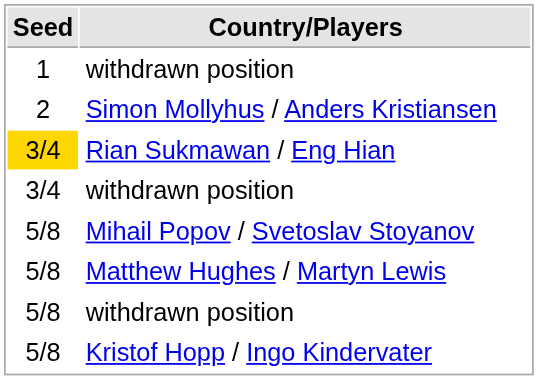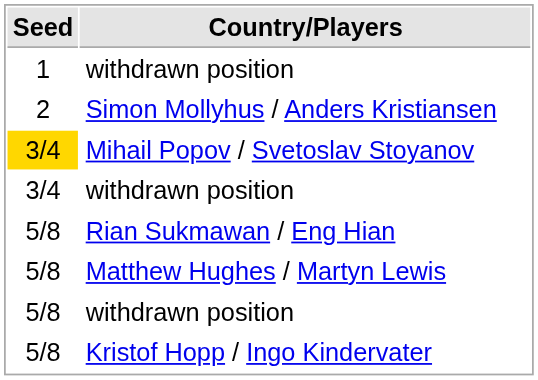 <table cellspacing="1" cellpadding="3" style="border:1px solid #AAAAAA;font-size:90%">
 <tr bgcolor="#E4E4E4">
 <th style="border-bottom:1px solid #AAAAAA" width=20>Seed</th>
 <th style="border-bottom:1px solid #AAAAAA" width=250>Country/Players</th>
 </tr>
 <tr>
 <td align="center">1</td>
 <td>withdrawn position</td>
 </tr>
 <tr>
 <td align="center">2</td>
 <td> <a href='#'>Simon Mollyhus</a> / <a href='#'>Anders Kristiansen</a></td>
 </tr>
 <tr>
 <td align="center" style="background: gold;">3/4</td>
-<td> <a href='#'>Rian Sukmawan</a> / <a href='#'>Eng Hian</a></td>
+<td> <a href='#'>Mihail Popov</a> / <a href='#'>Svetoslav Stoyanov</a></td>
 </tr>
 <tr>
 <td align="center">3/4</td>
 <td>withdrawn position</td>
 </tr>
 <tr>
 <td align="center">5/8</td>
-<td> <a href='#'>Mihail Popov</a> / <a href='#'>Svetoslav Stoyanov</a></td>
+<td> <a href='#'>Rian Sukmawan</a> / <a href='#'>Eng Hian</a></td>
 </tr>
 <tr>
 <td align="center">5/8</td>
 <td> <a href='#'>Matthew Hughes</a> / <a href='#'>Martyn Lewis</a></td>
 </tr>
 <tr>
 <td align="center">5/8</td>
 <td>withdrawn position</td>
 </tr>
 <tr>
 <td align="center">5/8</td>
 <td> <a href='#'>Kristof Hopp</a> / <a href='#'>Ingo Kindervater</a></td>
 </tr>
 </table>
